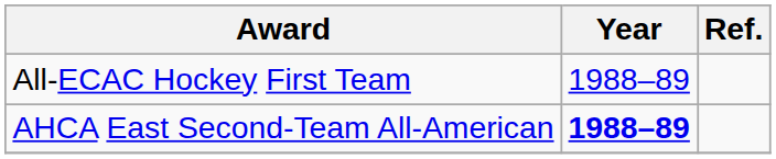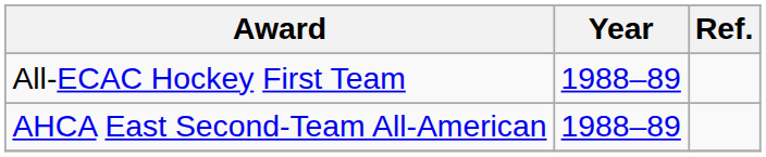 <table class="wikitable">
 <tr>
 <th>Award</th>
 <th>Year</th>
 <th>Ref.</th>
 </tr>
 <tr>
 <td>All-<a href='#'>ECAC Hockey</a> <a href='#'>First Team</a></td>
 <td><a href='#'>1988–89</a></td>
 <td></td>
 </tr>
 <tr>
 <td><a href='#'>AHCA</a> <a href='#'>East Second-Team All-American</a></td>
-<td><strong><a href='#'>1988–89</a></strong></td>
+<td><a href='#'>1988–89</a></td>
 <td></td>
 </tr>
 <tr>
 </tr>
 </table>
